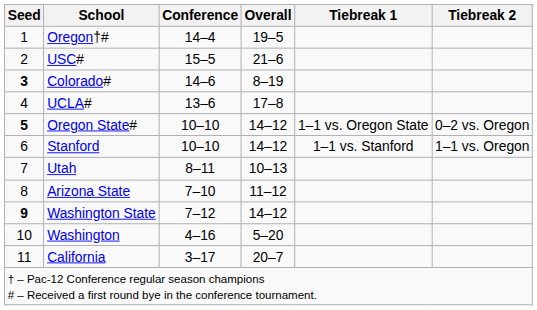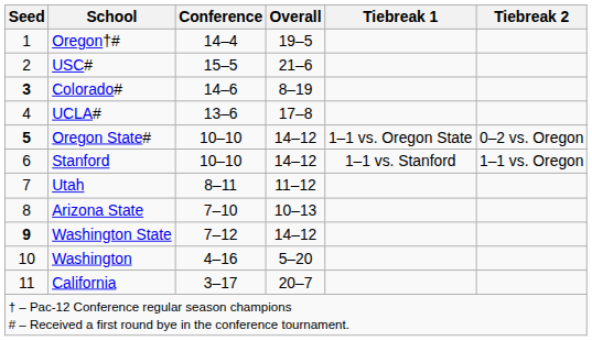 <table class="wikitable" style="white-space:nowrap; font-size:95%; text-align:center">
 <tr>
 <th>Seed</th>
 <th>School</th>
 <th>Conference</th>
 <th>Overall</th>
 <th>Tiebreak 1</th>
 <th>Tiebreak 2</th>
 </tr>
 <tr>
 <td>1</td>
 <td align=left><a href='#'>Oregon</a>†#</td>
 <td>14–4</td>
 <td>19–5</td>
 <td></td>
 <td></td>
 </tr>
 <tr>
 <td>2</td>
 <td align=left><a href='#'>USC</a>#</td>
 <td>15–5</td>
 <td>21–6</td>
 <td></td>
 <td></td>
 </tr>
 <tr>
 <td><strong>3</strong></td>
 <td align=left><a href='#'>Colorado</a>#</td>
 <td>14–6</td>
 <td>8–19</td>
 <td></td>
 <td></td>
 </tr>
 <tr>
 <td>4</td>
 <td align=left><a href='#'>UCLA</a>#</td>
 <td>13–6</td>
 <td>17–8</td>
 <td></td>
 <td></td>
 </tr>
 <tr>
 <td><strong>5</strong></td>
 <td align=left><a href='#'>Oregon State</a>#</td>
 <td>10–10</td>
 <td>14–12</td>
 <td>1–1 vs. Oregon State</td>
 <td>0–2 vs. Oregon</td>
 </tr>
 <tr>
 <td>6</td>
 <td align=left><a href='#'>Stanford</a></td>
 <td>10–10</td>
 <td>14–12</td>
 <td>1–1 vs. Stanford</td>
 <td>1–1 vs. Oregon</td>
 </tr>
 <tr>
 <td>7</td>
 <td align=left><a href='#'>Utah</a></td>
 <td>8–11</td>
-<td>10–13</td>
+<td>11–12</td>
 <td></td>
 <td></td>
 </tr>
 <tr>
 <td>8</td>
 <td align=left><a href='#'>Arizona State</a></td>
 <td>7–10</td>
-<td>11–12</td>
+<td>10–13</td>
 <td></td>
 <td></td>
 </tr>
 <tr>
 <td><strong>9</strong></td>
 <td align=left><a href='#'>Washington State</a></td>
 <td>7–12</td>
 <td>14–12</td>
 <td></td>
 <td></td>
 </tr>
 <tr>
 <td>10</td>
 <td align=left><a href='#'>Washington</a></td>
 <td>4–16</td>
 <td>5–20</td>
 <td></td>
 <td></td>
 </tr>
 <tr>
 <td>11</td>
 <td align=left><a href='#'>California</a></td>
 <td>3–17</td>
 <td>20–7</td>
 <td></td>
 <td></td>
 </tr>
 <tr>
 <td colspan=6 align=left><small>† – Pac-12 Conference regular season champions<br># – Received a first round bye in the conference tournament.</small></td>
 </tr>
 </table>
